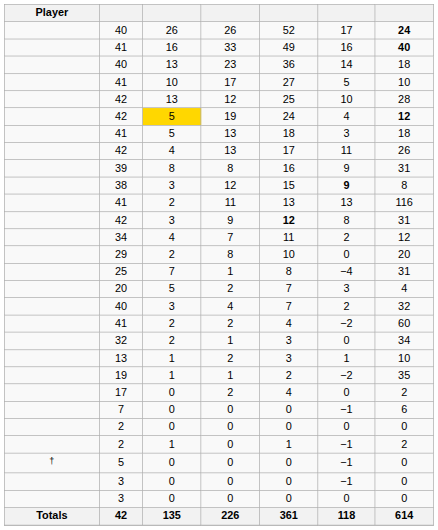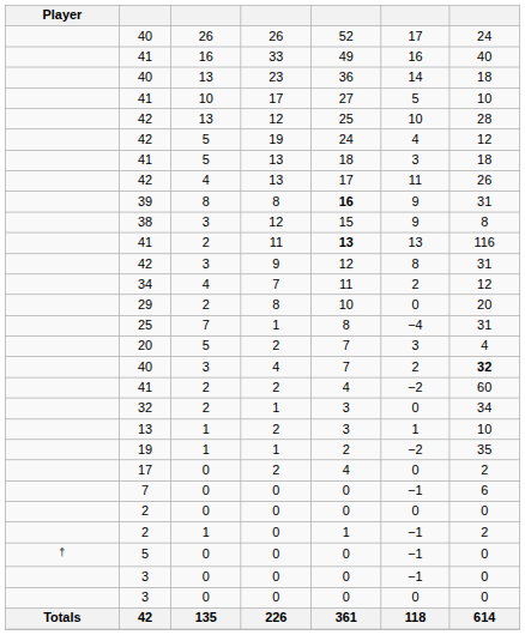 <table class="wikitable sortable" style="width:50%;">
 <tr align=center>
 <th>Player</th>
 <th></th>
 <th></th>
 <th></th>
 <th></th>
 <th data-sort-type="number"></th>
 <th></th>
 </tr>
 <tr align=center>
 <td></td>
 <td>40</td>
 <td>26</td>
 <td>26</td>
 <td>52</td>
 <td>17</td>
-<td><strong>24</strong></td>
+<td>24</td>
 </tr>
 <tr align=center>
 <td></td>
 <td>41</td>
 <td>16</td>
 <td>33</td>
 <td>49</td>
 <td>16</td>
-<td><strong>40</strong></td>
+<td>40</td>
 </tr>
 <tr align=center>
 <td></td>
 <td>40</td>
 <td>13</td>
 <td>23</td>
 <td>36</td>
 <td>14</td>
 <td>18</td>
 </tr>
 <tr align=center>
 <td></td>
 <td>41</td>
 <td>10</td>
 <td>17</td>
 <td>27</td>
 <td>5</td>
 <td>10</td>
 </tr>
 <tr align=center>
 <td></td>
 <td>42</td>
 <td>13</td>
 <td>12</td>
 <td>25</td>
 <td>10</td>
 <td>28</td>
 </tr>
 <tr align=center>
 <td></td>
 <td>42</td>
-<td style="background: gold;">5</td>
+<td>5</td>
 <td>19</td>
 <td>24</td>
 <td>4</td>
-<td><strong>12</strong></td>
+<td>12</td>
 </tr>
 <tr align=center>
 <td></td>
 <td>41</td>
 <td>5</td>
 <td>13</td>
 <td>18</td>
 <td>3</td>
 <td>18</td>
 </tr>
 <tr align=center>
 <td></td>
 <td>42</td>
 <td>4</td>
 <td>13</td>
 <td>17</td>
 <td>11</td>
 <td>26</td>
 </tr>
 <tr align=center>
 <td></td>
 <td>39</td>
 <td>8</td>
 <td>8</td>
-<td>16</td>
+<td><strong>16</strong></td>
 <td>9</td>
 <td>31</td>
 </tr>
 <tr align=center>
 <td></td>
 <td>38</td>
 <td>3</td>
 <td>12</td>
 <td>15</td>
-<td><strong>9</strong></td>
+<td>9</td>
 <td>8</td>
 </tr>
 <tr align=center>
 <td></td>
 <td>41</td>
 <td>2</td>
 <td>11</td>
-<td>13</td>
+<td><strong>13</strong></td>
 <td>13</td>
 <td>116</td>
 </tr>
 <tr align=center>
 <td></td>
 <td>42</td>
 <td>3</td>
 <td>9</td>
-<td><strong>12</strong></td>
+<td>12</td>
 <td>8</td>
 <td>31</td>
 </tr>
 <tr align=center>
 <td></td>
 <td>34</td>
 <td>4</td>
 <td>7</td>
 <td>11</td>
 <td>2</td>
 <td>12</td>
 </tr>
 <tr align=center>
 <td></td>
 <td>29</td>
 <td>2</td>
 <td>8</td>
 <td>10</td>
 <td>0</td>
 <td>20</td>
 </tr>
 <tr align=center>
 <td></td>
 <td>25</td>
 <td>7</td>
 <td>1</td>
 <td>8</td>
 <td>−4</td>
 <td>31</td>
 </tr>
 <tr align=center>
 <td></td>
 <td>20</td>
 <td>5</td>
 <td>2</td>
 <td>7</td>
 <td>3</td>
 <td>4</td>
 </tr>
 <tr align=center>
 <td></td>
 <td>40</td>
 <td>3</td>
 <td>4</td>
 <td>7</td>
 <td>2</td>
-<td>32</td>
+<td><strong>32</strong></td>
 </tr>
 <tr align=center>
 <td></td>
 <td>41</td>
 <td>2</td>
 <td>2</td>
 <td>4</td>
 <td>−2</td>
 <td>60</td>
 </tr>
 <tr align=center>
 <td></td>
 <td>32</td>
 <td>2</td>
 <td>1</td>
 <td>3</td>
 <td>0</td>
 <td>34</td>
 </tr>
 <tr align=center>
 <td></td>
 <td>13</td>
 <td>1</td>
 <td>2</td>
 <td>3</td>
 <td>1</td>
 <td>10</td>
 </tr>
 <tr align=center>
 <td></td>
 <td>19</td>
 <td>1</td>
 <td>1</td>
 <td>2</td>
 <td>−2</td>
 <td>35</td>
 </tr>
 <tr align=center>
 <td></td>
 <td>17</td>
 <td>0</td>
 <td>2</td>
 <td>4</td>
 <td>0</td>
 <td>2</td>
 </tr>
 <tr align=center>
 <td></td>
 <td>7</td>
 <td>0</td>
 <td>0</td>
 <td>0</td>
 <td>−1</td>
 <td>6</td>
 </tr>
 <tr align=center>
 <td></td>
 <td>2</td>
 <td>0</td>
 <td>0</td>
 <td>0</td>
 <td>0</td>
 <td>0</td>
 </tr>
 <tr align=center>
 <td></td>
 <td>2</td>
 <td>1</td>
 <td>0</td>
 <td>1</td>
 <td>−1</td>
 <td>2</td>
 </tr>
 <tr align=center>
 <td><sup>†</sup></td>
 <td>5</td>
 <td>0</td>
 <td>0</td>
 <td>0</td>
 <td>−1</td>
 <td>0</td>
 </tr>
 <tr align=center>
 <td></td>
 <td>3</td>
 <td>0</td>
 <td>0</td>
 <td>0</td>
 <td>−1</td>
 <td>0</td>
 </tr>
 <tr align=center>
 <td></td>
 <td>3</td>
 <td>0</td>
 <td>0</td>
 <td>0</td>
 <td>0</td>
 <td>0</td>
 </tr>
 <tr class="unsortable">
 <th>Totals</th>
 <th>42</th>
 <th>135</th>
 <th>226</th>
 <th>361</th>
 <th>118</th>
 <th>614</th>
 </tr>
 <tr>
 </tr>
 </table>
